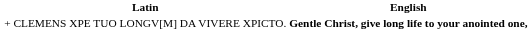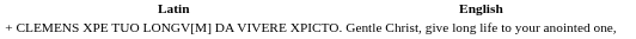 <table>
 <tr>
 <th>Latin</th>
 <th>English</th>
 </tr>
 <tr>
 <td lang="la">+ CLEMENS XPE TUO LONGV[M] DA VIVERE XPICTO.<br></td>
-<td><strong>Gentle Christ, give long life to your anointed one,<br></strong></td>
+<td>Gentle Christ, give long life to your anointed one,<br></td>
 </tr>
 </table>
